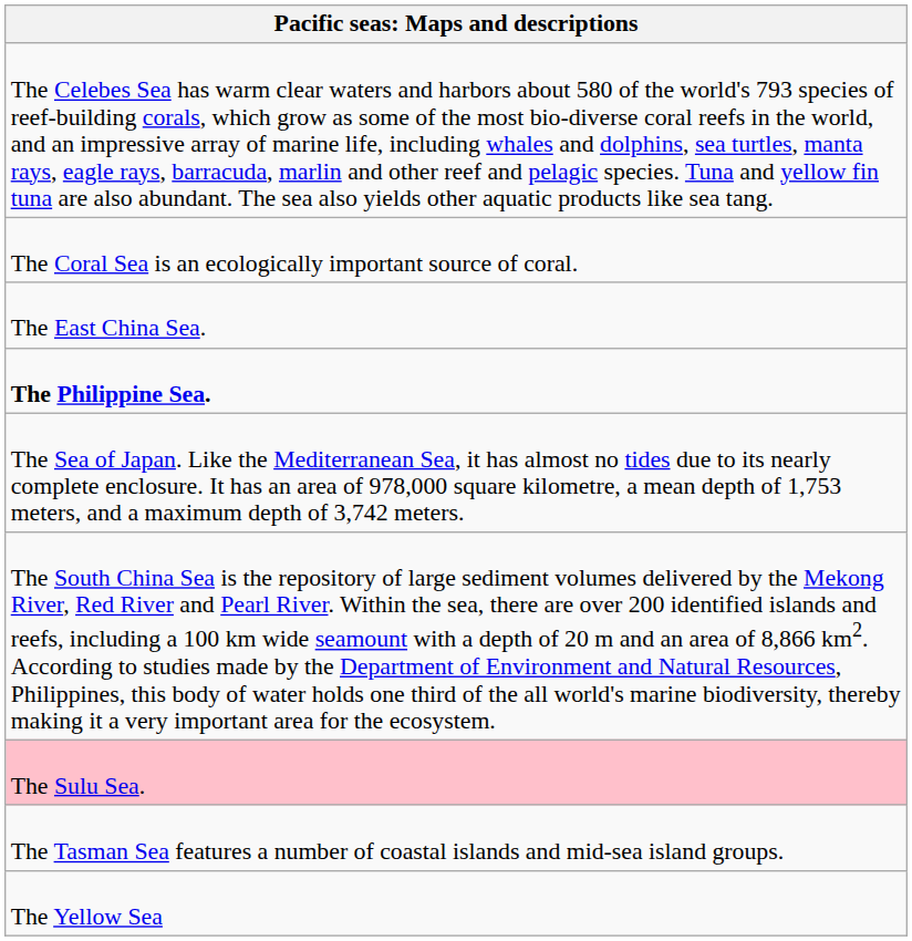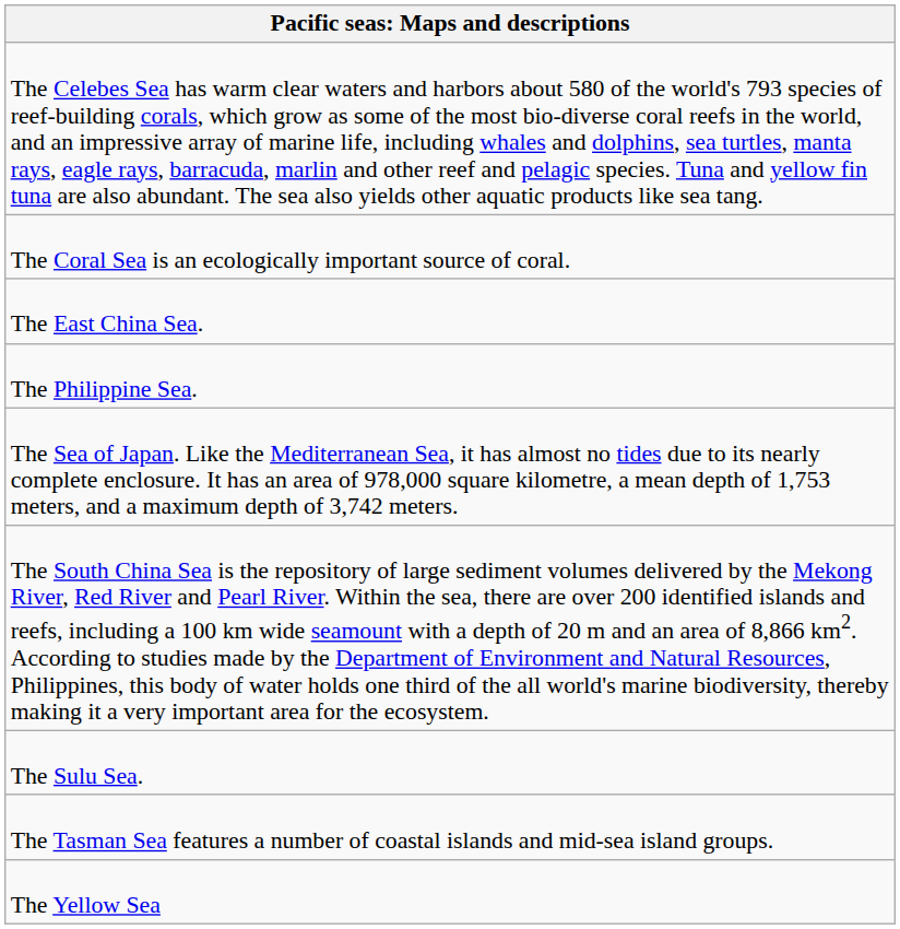 <table class="wikitable collapsible collapsed" style="text-align: left; width: 600px;">
 <tr>
 <th>Pacific seas: Maps and descriptions</th>
 </tr>
 <tr>
 <td><br>The <a href='#'>Celebes Sea</a> has warm clear waters and harbors about 580 of the world's 793 species of reef-building <a href='#'>corals</a>, which grow as some of the most bio-diverse coral reefs in the world, and an impressive array of  marine life, including <a href='#'>whales</a> and <a href='#'>dolphins</a>, <a href='#'>sea turtles</a>, <a href='#'>manta rays</a>, <a href='#'>eagle rays</a>, <a href='#'>barracuda</a>, <a href='#'>marlin</a> and other reef and <a href='#'>pelagic</a> species. <a href='#'>Tuna</a> and <a href='#'>yellow fin tuna</a> are  also abundant. The sea also yields other aquatic products like sea tang.</td>
 </tr>
 <tr>
 <td><br>The <a href='#'>Coral Sea</a> is an ecologically important source of coral.</td>
 </tr>
 <tr>
 <td><br>The <a href='#'>East China Sea</a>.</td>
 </tr>
 <tr>
-<td><strong><br>The <a href='#'>Philippine Sea</a>.</strong></td>
+<td><br>The <a href='#'>Philippine Sea</a>.</td>
 </tr>
 <tr>
 <td><br>The <a href='#'>Sea of Japan</a>. Like the <a href='#'>Mediterranean Sea</a>, it has almost no <a href='#'>tides</a> due to its nearly complete enclosure. It has an area of 978,000 square kilometre, a mean depth of 1,753 meters, and a maximum depth of 3,742 meters.</td>
 </tr>
 <tr>
 <td><br>The <a href='#'>South China Sea</a> is the repository of large sediment volumes delivered by the <a href='#'>Mekong River</a>, <a href='#'>Red River</a> and <a href='#'>Pearl River</a>. Within the sea, there are over 200 identified islands and reefs, including a 100 km wide <a href='#'>seamount</a> with a depth of 20 m and an area of 8,866 km<sup>2</sup>. According to studies made by the <a href='#'>Department of Environment and Natural Resources</a>, Philippines, this body of water holds one third of the all world's marine biodiversity, thereby making it a very important area for the ecosystem.</td>
 </tr>
 <tr>
-<td style="background: pink;"><br>The <a href='#'>Sulu Sea</a>.</td>
+<td><br>The <a href='#'>Sulu Sea</a>.</td>
 </tr>
 <tr>
 <td><br>The <a href='#'>Tasman Sea</a> features a number of  coastal islands and mid-sea island groups.</td>
 </tr>
 <tr>
 <td><br>The <a href='#'>Yellow Sea</a></td>
 </tr>
 </table>
